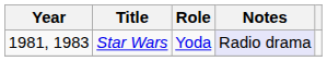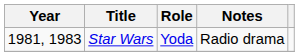 <table class="wikitable plainrowheaders sortable">
 <tr>
 <th scope="col">Year</th>
 <th scope="col">Title</th>
 <th scope="col">Role</th>
 <th scope="col" class="unsortable">Notes</th>
 <th scope="col" class="unsortable"></th>
 </tr>
 <tr>
 <td>1981, 1983</td>
 <td><em><a href='#'>Star Wars</a></em></td>
 <td><a href='#'>Yoda</a></td>
-<td style="background: lavender;">Radio drama</td>
+<td>Radio drama</td>
 <td style="text-align:center;"></td>
 </tr>
 <tr>
 </tr>
 </table>
